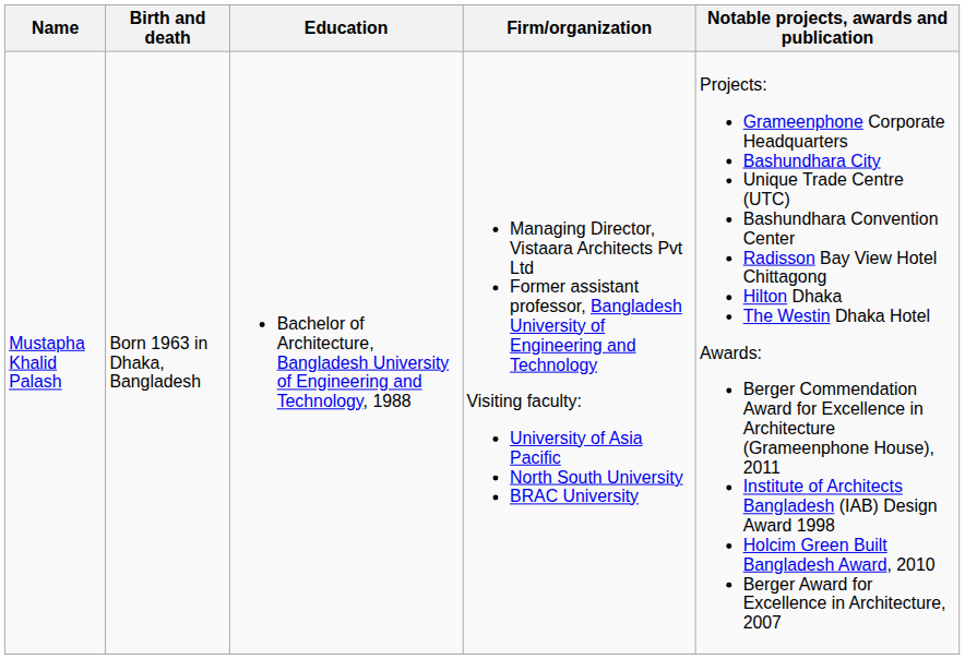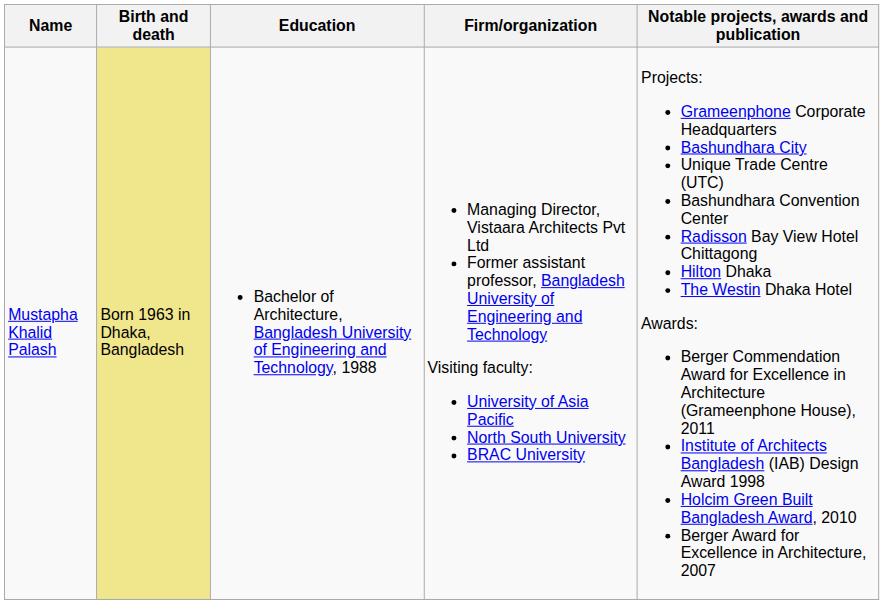 <table class="wikitable" width=100%>
 <tr bgcolor=#efefef>
 <th>Name</th>
 <th>Birth and death</th>
 <th>Education</th>
 <th>Firm/organization</th>
 <th>Notable projects, awards and publication</th>
 </tr>
 <tr>
 <td><br><a href='#'>Mustapha Khalid Palash</a></td>
-<td><br>Born 1963 in Dhaka, Bangladesh</td>
+<td style="background: khaki;"><br>Born 1963 in Dhaka, Bangladesh</td>
 <td><br><ul><li>Bachelor of Architecture, <a href='#'>Bangladesh University of Engineering and Technology</a>, 1988</li></ul></td>
 <td><br><ul><li>Managing Director, Vistaara Architects Pvt Ltd</li><li>Former assistant professor, <a href='#'>Bangladesh University of Engineering and Technology</a></li></ul>Visiting faculty:<ul><li><a href='#'>University of Asia Pacific</a></li><li><a href='#'>North South University</a></li><li><a href='#'>BRAC University</a></li></ul></td>
 <td><br>Projects:<ul><li><a href='#'>Grameenphone</a> Corporate Headquarters</li><li><a href='#'>Bashundhara City</a></li><li>Unique Trade Centre (UTC)</li><li>Bashundhara Convention Center</li><li><a href='#'>Radisson</a> Bay View Hotel Chittagong</li><li><a href='#'>Hilton</a> Dhaka</li><li><a href='#'>The Westin</a> Dhaka Hotel</li></ul>Awards:<ul><li>Berger Commendation Award for Excellence in Architecture (Grameenphone House), 2011</li><li><a href='#'>Institute of Architects Bangladesh</a> (IAB) Design Award 1998</li><li><a href='#'>Holcim Green Built Bangladesh Award</a>, 2010</li><li>Berger Award for Excellence in Architecture, 2007</li></ul></td>
 </tr>
 <tr>
 </tr>
 </table>
